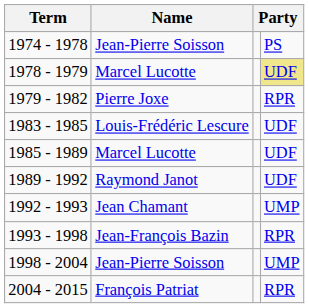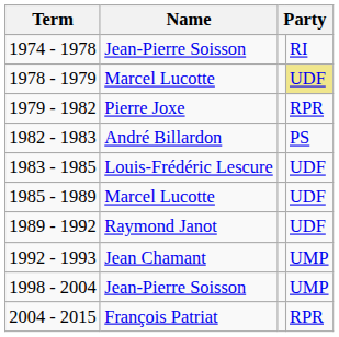 <table class="wikitable sortable" style="font-size:95%" |>
 <tr>
 <th>Term</th>
 <th>Name</th>
 <th colspan="2">Party</th>
 </tr>
 <tr>
 <td>1974 - 1978</td>
 <td><a href='#'>Jean-Pierre Soisson</a></td>
 <td style="color:inherit;background:"></td>
-<td><a href='#'>PS</a></td>
+<td><a href='#'>RI</a></td>
 </tr>
 <tr>
 <td>1978 - 1979</td>
 <td><a href='#'>Marcel Lucotte</a></td>
 <td style="color:inherit;background:"></td>
 <td style="background: khaki;"><a href='#'>UDF</a></td>
 </tr>
 <tr>
 <td>1979 - 1982</td>
 <td><a href='#'>Pierre Joxe</a></td>
 <td style="color:inherit;background:"></td>
 <td><a href='#'>RPR</a></td>
+</tr>
+<tr>
+<td>1982 - 1983</td>
+<td><a href='#'>André Billardon</a></td>
+<td style="color:inherit;background:"></td>
+<td><a href='#'>PS</a></td>
 </tr>
 <tr>
 <td>1983 - 1985</td>
 <td><a href='#'>Louis-Frédéric Lescure</a></td>
 <td style="color:inherit;background:"></td>
 <td><a href='#'>UDF</a></td>
 </tr>
 <tr>
 <td>1985 - 1989</td>
 <td><a href='#'>Marcel Lucotte</a></td>
 <td style="color:inherit;background:"></td>
 <td><a href='#'>UDF</a></td>
 </tr>
 <tr>
 <td>1989 - 1992</td>
 <td><a href='#'>Raymond Janot</a></td>
 <td style="color:inherit;background:"></td>
 <td><a href='#'>UDF</a></td>
 </tr>
 <tr>
 <td>1992 - 1993</td>
 <td><a href='#'>Jean Chamant</a></td>
 <td style="color:inherit;background:"></td>
 <td><a href='#'>UMP</a></td>
 </tr>
 <tr>
-<td>1993 - 1998</td>
-<td><a href='#'>Jean-François Bazin</a></td>
-<td style="color:inherit;background:"></td>
-<td><a href='#'>RPR</a></td>
-</tr>
-<tr>
 <td>1998 - 2004</td>
 <td><a href='#'>Jean-Pierre Soisson</a></td>
 <td style="color:inherit;background:"></td>
 <td><a href='#'>UMP</a></td>
 </tr>
 <tr>
 <td>2004 - 2015</td>
 <td><a href='#'>François Patriat</a></td>
 <td style="color:inherit;background:"></td>
 <td><a href='#'>RPR</a></td>
 </tr>
 </table>
